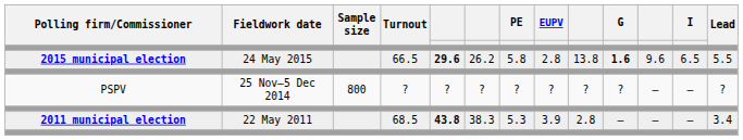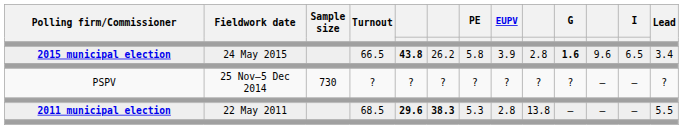 <table class="wikitable collapsible collapsed" style="text-align:center; font-size:95%; line-height:16px;">
 <tr style="height:42px;">
 <th style="width:250px;" rowspan="2">Polling firm/Commissioner</th>
 <th style="width:125px;" rowspan="2">Fieldwork date</th>
 <th style="width:50px;" rowspan="2">Sample size</th>
 <th style="width:45px;" rowspan="2">Turnout</th>
 <th style="width:35px;"></th>
 <th style="width:35px;"></th>
 <th style="width:35px;">PE</th>
 <th style="width:35px; font-size:95%;"><a href='#'>EUPV</a></th>
 <th style="width:35px;"></th>
 <th style="width:35px;">G</th>
 <th style="width:35px;"></th>
 <th style="width:35px;">I</th>
 <th style="width:30px;" rowspan="2">Lead</th>
 </tr>
 <tr>
 <th style="color:inherit;background:"></th>
 <th style="color:inherit;background:"></th>
 <th style="color:inherit;background:"></th>
 <th style="color:inherit;background:"></th>
 <th style="color:inherit;background:"></th>
 <th style="color:inherit;background:"></th>
 <th style="color:inherit;background:"></th>
 <th style="color:inherit;background:"></th>
 </tr>
 <tr>
 <td colspan="13" style="background:#A0A0A0"></td>
 </tr>
 <tr style="background:#EFEFEF;">
 <td><strong><a href='#'>2015 municipal election</a></strong></td>
 <td>24 May 2015</td>
 <td></td>
 <td>66.5</td>
-<td><strong>29.6</strong><br></td>
+<td><strong>43.8</strong><br></td>
 <td>26.2<br></td>
 <td>5.8<br></td>
+<td>3.9<br></td>
 <td>2.8<br></td>
-<td>13.8<br></td>
 <td><strong>1.6<br></strong></td>
 <td>9.6<br></td>
 <td>6.5<br></td>
-<td style="background:">5.5</td>
+<td style="background:">3.4</td>
 </tr>
 <tr>
 <td colspan="13" style="background:#A0A0A0"></td>
 </tr>
 <tr>
 <td>PSPV</td>
 <td>25 Nov–5 Dec 2014</td>
-<td>800</td>
+<td>730</td>
 <td>?</td>
 <td>?<br></td>
 <td>?<br></td>
 <td>?<br></td>
 <td>?<br></td>
 <td>?<br></td>
 <td>?<br></td>
 <td>–</td>
 <td>–</td>
 <td style="background:">?</td>
 </tr>
 <tr>
 <td colspan="13" style="background:#A0A0A0"></td>
 </tr>
 <tr style="background:#EFEFEF;">
 <td><strong><a href='#'>2011 municipal election</a></strong></td>
 <td>22 May 2011</td>
 <td></td>
 <td>68.5</td>
-<td><strong>43.8</strong><br></td>
-<td>38.3<br></td>
+<td><strong>29.6</strong><br></td>
+<td><strong>38.3<br></strong></td>
 <td>5.3<br></td>
-<td>3.9<br></td>
 <td>2.8<br></td>
+<td>13.8<br></td>
 <td>–</td>
 <td>–</td>
 <td>–</td>
-<td style="background:">3.4</td>
+<td style="background:">5.5</td>
 </tr>
 <tr>
 <td colspan="13" style="background:#A0A0A0"></td>
 </tr>
 </table>
